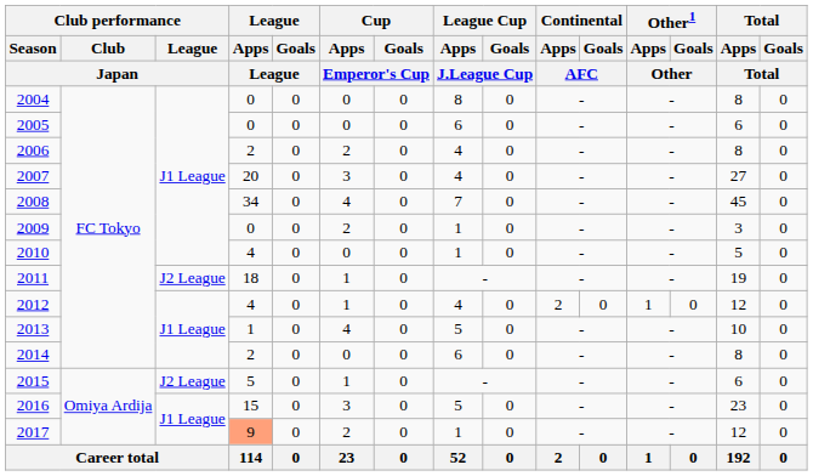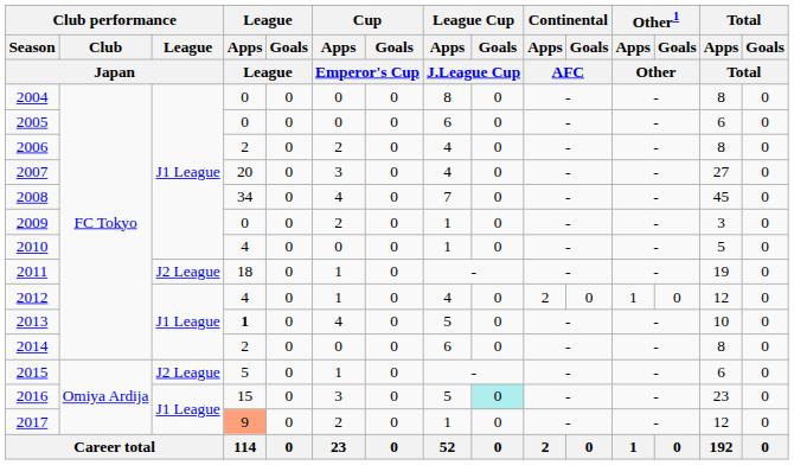 <table class="wikitable" style="text-align:center">
 <tr>
 <th colspan=3>Club performance</th>
 <th colspan=2>League</th>
 <th colspan=2>Cup</th>
 <th colspan=2>League Cup</th>
 <th colspan=2>Continental</th>
 <th colspan="2">Other<sup><a href='#'>1</a></sup></th>
 <th colspan=2>Total</th>
 </tr>
 <tr>
 <th>Season</th>
 <th>Club</th>
 <th>League</th>
 <th>Apps</th>
 <th>Goals</th>
 <th>Apps</th>
 <th>Goals</th>
 <th>Apps</th>
 <th>Goals</th>
 <th>Apps</th>
 <th>Goals</th>
 <th>Apps</th>
 <th>Goals</th>
 <th>Apps</th>
 <th>Goals</th>
 </tr>
 <tr>
 <th colspan=3>Japan</th>
 <th colspan=2>League</th>
 <th colspan=2><a href='#'>Emperor's Cup</a></th>
 <th colspan=2><a href='#'>J.League Cup</a></th>
 <th colspan=2><a href='#'>AFC</a></th>
 <th colspan=2>Other</th>
 <th colspan=2>Total</th>
 </tr>
 <tr>
 <td><a href='#'>2004</a></td>
 <td rowspan="11"><a href='#'>FC Tokyo</a></td>
 <td rowspan="7"><a href='#'>J1 League</a></td>
 <td>0</td>
 <td>0</td>
 <td>0</td>
 <td>0</td>
 <td>8</td>
 <td>0</td>
 <td colspan="2">-</td>
 <td colspan="2">-</td>
 <td>8</td>
 <td>0</td>
 </tr>
 <tr>
 <td><a href='#'>2005</a></td>
 <td>0</td>
 <td>0</td>
 <td>0</td>
 <td>0</td>
 <td>6</td>
 <td>0</td>
 <td colspan="2">-</td>
 <td colspan="2">-</td>
 <td>6</td>
 <td>0</td>
 </tr>
 <tr>
 <td><a href='#'>2006</a></td>
 <td>2</td>
 <td>0</td>
 <td>2</td>
 <td>0</td>
 <td>4</td>
 <td>0</td>
 <td colspan="2">-</td>
 <td colspan="2">-</td>
 <td>8</td>
 <td>0</td>
 </tr>
 <tr>
 <td><a href='#'>2007</a></td>
 <td>20</td>
 <td>0</td>
 <td>3</td>
 <td>0</td>
 <td>4</td>
 <td>0</td>
 <td colspan="2">-</td>
 <td colspan="2">-</td>
 <td>27</td>
 <td>0</td>
 </tr>
 <tr>
 <td><a href='#'>2008</a></td>
 <td>34</td>
 <td>0</td>
 <td>4</td>
 <td>0</td>
 <td>7</td>
 <td>0</td>
 <td colspan="2">-</td>
 <td colspan="2">-</td>
 <td>45</td>
 <td>0</td>
 </tr>
 <tr>
 <td><a href='#'>2009</a></td>
 <td>0</td>
 <td>0</td>
 <td>2</td>
 <td>0</td>
 <td>1</td>
 <td>0</td>
 <td colspan="2">-</td>
 <td colspan="2">-</td>
 <td>3</td>
 <td>0</td>
 </tr>
 <tr>
 <td><a href='#'>2010</a></td>
 <td>4</td>
 <td>0</td>
 <td>0</td>
 <td>0</td>
 <td>1</td>
 <td>0</td>
 <td colspan="2">-</td>
 <td colspan="2">-</td>
 <td>5</td>
 <td>0</td>
 </tr>
 <tr>
 <td><a href='#'>2011</a></td>
 <td><a href='#'>J2 League</a></td>
 <td>18</td>
 <td>0</td>
 <td>1</td>
 <td>0</td>
 <td colspan="2">-</td>
 <td colspan="2">-</td>
 <td colspan="2">-</td>
 <td>19</td>
 <td>0</td>
 </tr>
 <tr>
 <td><a href='#'>2012</a></td>
 <td rowspan="3"><a href='#'>J1 League</a></td>
 <td>4</td>
 <td>0</td>
 <td>1</td>
 <td>0</td>
 <td>4</td>
 <td>0</td>
 <td>2</td>
 <td>0</td>
 <td>1</td>
 <td>0</td>
 <td>12</td>
 <td>0</td>
 </tr>
 <tr>
 <td><a href='#'>2013</a></td>
-<td>1</td>
+<td><strong>1</strong></td>
 <td>0</td>
 <td>4</td>
 <td>0</td>
 <td>5</td>
 <td>0</td>
 <td colspan="2">-</td>
 <td colspan="2">-</td>
 <td>10</td>
 <td>0</td>
 </tr>
 <tr>
 <td><a href='#'>2014</a></td>
 <td>2</td>
 <td>0</td>
 <td>0</td>
 <td>0</td>
 <td>6</td>
 <td>0</td>
 <td colspan="2">-</td>
 <td colspan="2">-</td>
 <td>8</td>
 <td>0</td>
 </tr>
 <tr>
 <td><a href='#'>2015</a></td>
 <td rowspan="3"><a href='#'>Omiya Ardija</a></td>
 <td><a href='#'>J2 League</a></td>
 <td>5</td>
 <td>0</td>
 <td>1</td>
 <td>0</td>
 <td colspan="2">-</td>
 <td colspan="2">-</td>
 <td colspan="2">-</td>
 <td>6</td>
 <td>0</td>
 </tr>
 <tr>
 <td><a href='#'>2016</a></td>
 <td rowspan="2"><a href='#'>J1 League</a></td>
 <td>15</td>
 <td>0</td>
 <td>3</td>
 <td>0</td>
 <td>5</td>
-<td>0</td>
+<td style="background: paleturquoise;">0</td>
 <td colspan="2">-</td>
 <td colspan="2">-</td>
 <td>23</td>
 <td>0</td>
 </tr>
 <tr>
 <td><a href='#'>2017</a></td>
 <td style="background: lightsalmon;">9</td>
 <td>0</td>
 <td>2</td>
 <td>0</td>
 <td>1</td>
 <td>0</td>
 <td colspan="2">-</td>
 <td colspan="2">-</td>
 <td>12</td>
 <td>0</td>
 </tr>
 <tr>
 <th colspan=3>Career total</th>
 <th>114</th>
 <th>0</th>
 <th>23</th>
 <th>0</th>
 <th>52</th>
 <th>0</th>
 <th>2</th>
 <th>0</th>
 <th>1</th>
 <th>0</th>
 <th>192</th>
 <th>0</th>
 </tr>
 </table>
